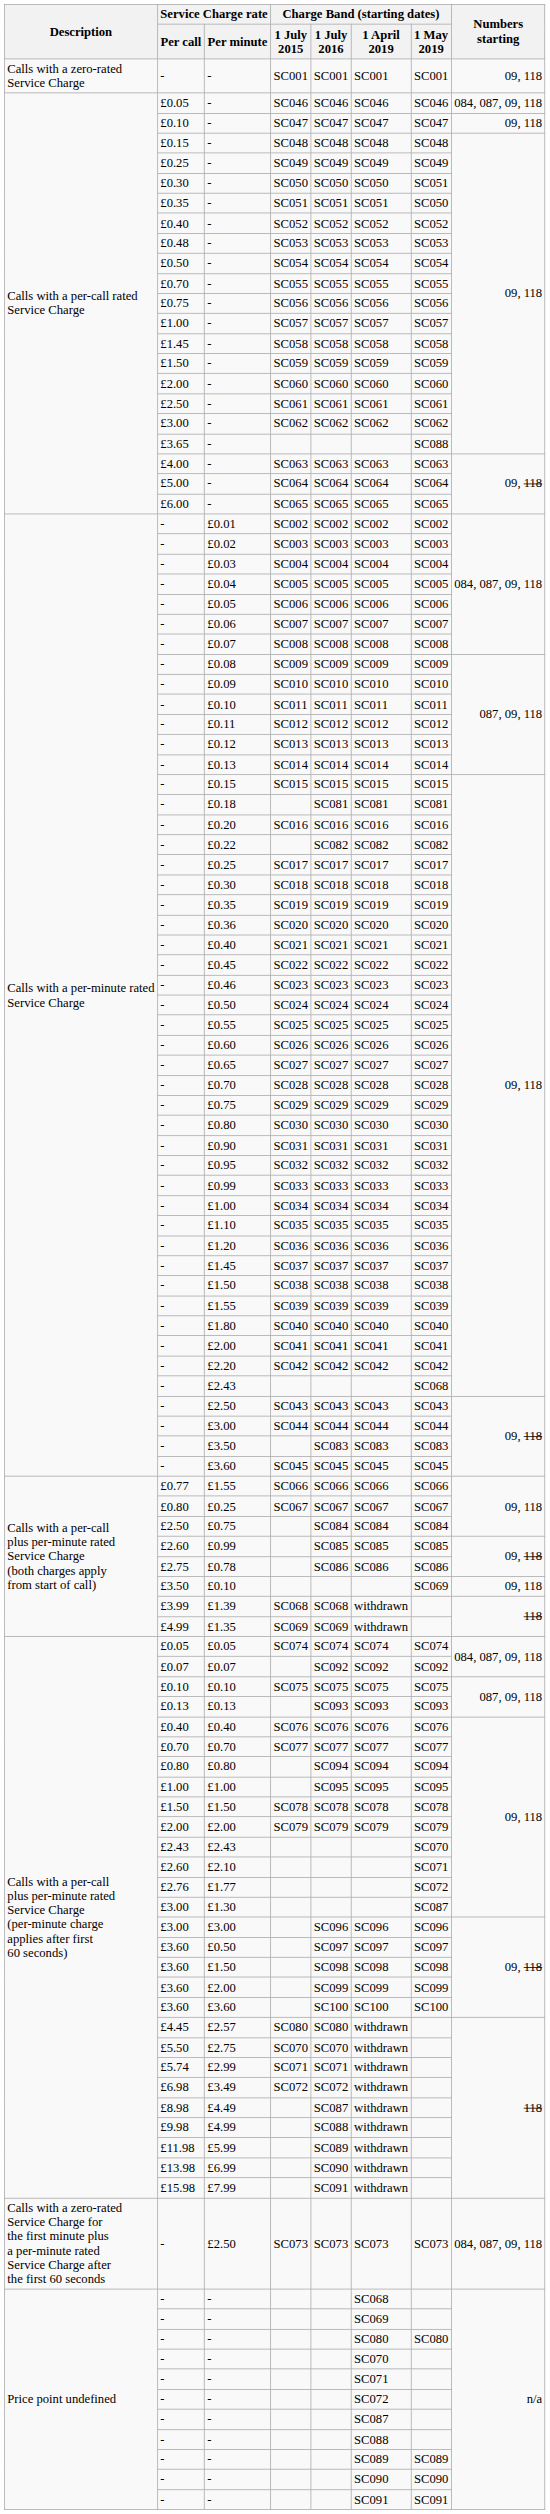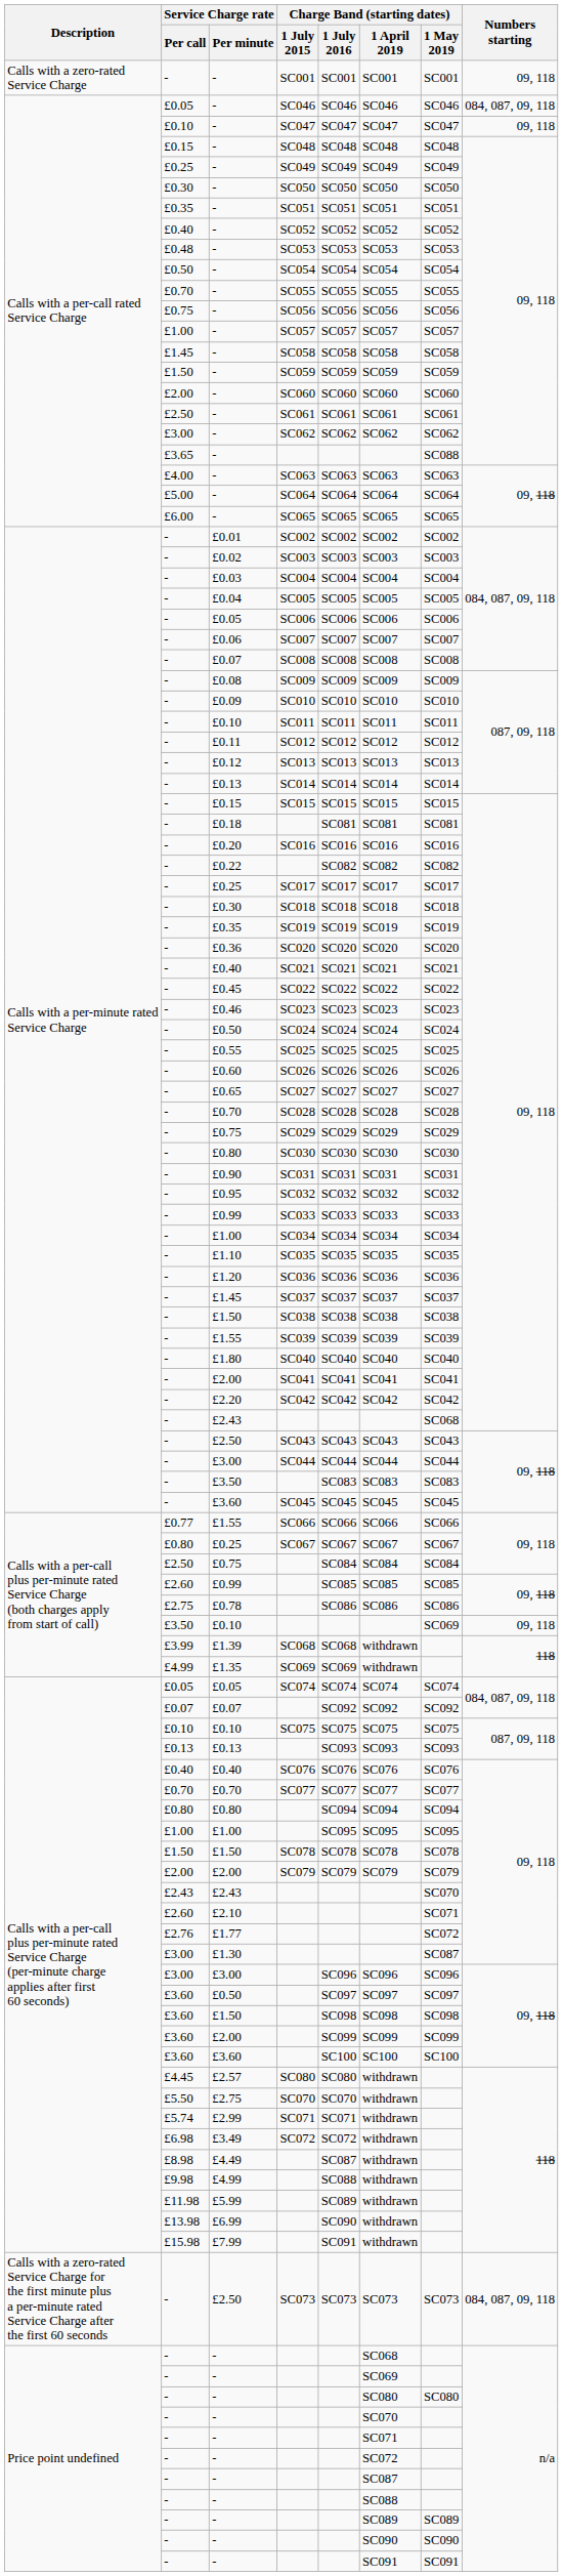 <table class="wikitable sortable">
 <tr>
 <th rowspan=2>Description</th>
 <th colspan=2>Service Charge rate</th>
 <th colspan=4>Charge Band (starting dates)</th>
 <th rowspan=2>Numbers<br>starting</th>
 </tr>
 <tr>
 <th>Per call</th>
 <th>Per minute</th>
 <th>1 July<br>2015</th>
 <th>1 July<br>2016</th>
 <th>1 April<br>2019</th>
 <th>1 May<br>2019</th>
 </tr>
 <tr>
 <td rowspan="1">Calls with a zero-rated<br>Service Charge</td>
 <td>-</td>
 <td>-</td>
 <td>SC001</td>
 <td>SC001</td>
 <td>SC001</td>
 <td>SC001</td>
 <td rowspan="1" align="right">09, 118</td>
 </tr>
 <tr>
 <td rowspan="21">Calls with a per-call rated<br>Service Charge</td>
 <td>£0.05</td>
 <td>-</td>
 <td>SC046</td>
 <td>SC046</td>
 <td>SC046</td>
 <td>SC046</td>
 <td rowspan="1" align="right">084, 087, 09, 118</td>
 </tr>
 <tr>
 <td>£0.10</td>
 <td>-</td>
 <td>SC047</td>
 <td>SC047</td>
 <td>SC047</td>
 <td>SC047</td>
 <td rowspan="1" align="right">09, 118</td>
 </tr>
 <tr>
 <td>£0.15</td>
 <td>-</td>
 <td>SC048</td>
 <td>SC048</td>
 <td>SC048</td>
 <td>SC048</td>
 <td rowspan="16" align="right">09, 118</td>
 </tr>
 <tr>
 <td>£0.25</td>
 <td>-</td>
 <td>SC049</td>
 <td>SC049</td>
 <td>SC049</td>
 <td>SC049</td>
 </tr>
 <tr>
 <td>£0.30</td>
 <td>-</td>
 <td>SC050</td>
 <td>SC050</td>
 <td>SC050</td>
-<td>SC051</td>
+<td>SC050</td>
 </tr>
 <tr>
 <td>£0.35</td>
 <td>-</td>
 <td>SC051</td>
 <td>SC051</td>
 <td>SC051</td>
-<td>SC050</td>
+<td>SC051</td>
 </tr>
 <tr>
 <td>£0.40</td>
 <td>-</td>
 <td>SC052</td>
 <td>SC052</td>
 <td>SC052</td>
 <td>SC052</td>
 </tr>
 <tr>
 <td>£0.48</td>
 <td>-</td>
 <td>SC053</td>
 <td>SC053</td>
 <td>SC053</td>
 <td>SC053</td>
 </tr>
 <tr>
 <td>£0.50</td>
 <td>-</td>
 <td>SC054</td>
 <td>SC054</td>
 <td>SC054</td>
 <td>SC054</td>
 </tr>
 <tr>
 <td>£0.70</td>
 <td>-</td>
 <td>SC055</td>
 <td>SC055</td>
 <td>SC055</td>
 <td>SC055</td>
 </tr>
 <tr>
 <td>£0.75</td>
 <td>-</td>
 <td>SC056</td>
 <td>SC056</td>
 <td>SC056</td>
 <td>SC056</td>
 </tr>
 <tr>
 <td>£1.00</td>
 <td>-</td>
 <td>SC057</td>
 <td>SC057</td>
 <td>SC057</td>
 <td>SC057</td>
 </tr>
 <tr>
 <td>£1.45</td>
 <td>-</td>
 <td>SC058</td>
 <td>SC058</td>
 <td>SC058</td>
 <td>SC058</td>
 </tr>
 <tr>
 <td>£1.50</td>
 <td>-</td>
 <td>SC059</td>
 <td>SC059</td>
 <td>SC059</td>
 <td>SC059</td>
 </tr>
 <tr>
 <td>£2.00</td>
 <td>-</td>
 <td>SC060</td>
 <td>SC060</td>
 <td>SC060</td>
 <td>SC060</td>
 </tr>
 <tr>
 <td>£2.50</td>
 <td>-</td>
 <td>SC061</td>
 <td>SC061</td>
 <td>SC061</td>
 <td>SC061</td>
 </tr>
 <tr>
 <td>£3.00</td>
 <td>-</td>
 <td>SC062</td>
 <td>SC062</td>
 <td>SC062</td>
 <td>SC062</td>
 </tr>
 <tr>
 <td>£3.65</td>
 <td>-</td>
 <td></td>
 <td></td>
 <td></td>
 <td>SC088 </td>
 </tr>
 <tr>
 <td>£4.00</td>
 <td>-</td>
 <td>SC063</td>
 <td>SC063</td>
 <td>SC063 </td>
 <td>SC063</td>
 <td rowspan="3" align="right">09, <s>118</s></td>
 </tr>
 <tr>
 <td>£5.00</td>
 <td>-</td>
 <td>SC064</td>
 <td>SC064</td>
 <td>SC064 </td>
 <td>SC064</td>
 </tr>
 <tr>
 <td>£6.00</td>
 <td>-</td>
 <td>SC065</td>
 <td>SC065</td>
 <td>SC065 </td>
 <td>SC065</td>
 </tr>
 <tr>
 <td rowspan="48">Calls with a per-minute rated<br>Service Charge</td>
 <td>-</td>
 <td>£0.01</td>
 <td>SC002</td>
 <td>SC002</td>
 <td>SC002</td>
 <td>SC002</td>
 <td rowspan="7" align="right">084, 087, 09, 118</td>
 </tr>
 <tr>
 <td>-</td>
 <td>£0.02</td>
 <td>SC003</td>
 <td>SC003</td>
 <td>SC003</td>
 <td>SC003</td>
 </tr>
 <tr>
 <td>-</td>
 <td>£0.03</td>
 <td>SC004</td>
 <td>SC004</td>
 <td>SC004</td>
 <td>SC004</td>
 </tr>
 <tr>
 <td>-</td>
 <td>£0.04</td>
 <td>SC005</td>
 <td>SC005</td>
 <td>SC005</td>
 <td>SC005</td>
 </tr>
 <tr>
 <td>-</td>
 <td>£0.05</td>
 <td>SC006</td>
 <td>SC006</td>
 <td>SC006</td>
 <td>SC006</td>
 </tr>
 <tr>
 <td>-</td>
 <td>£0.06</td>
 <td>SC007</td>
 <td>SC007</td>
 <td>SC007</td>
 <td>SC007</td>
 </tr>
 <tr>
 <td>-</td>
 <td>£0.07</td>
 <td>SC008</td>
 <td>SC008</td>
 <td>SC008</td>
 <td>SC008</td>
 </tr>
 <tr>
 <td>-</td>
 <td>£0.08</td>
 <td>SC009</td>
 <td>SC009</td>
 <td>SC009</td>
 <td>SC009</td>
 <td rowspan="6" align="right">087, 09, 118</td>
 </tr>
 <tr>
 <td>-</td>
 <td>£0.09</td>
 <td>SC010</td>
 <td>SC010</td>
 <td>SC010</td>
 <td>SC010</td>
 </tr>
 <tr>
 <td>-</td>
 <td>£0.10</td>
 <td>SC011</td>
 <td>SC011</td>
 <td>SC011</td>
 <td>SC011</td>
 </tr>
 <tr>
 <td>-</td>
 <td>£0.11</td>
 <td>SC012</td>
 <td>SC012</td>
 <td>SC012</td>
 <td>SC012</td>
 </tr>
 <tr>
 <td>-</td>
 <td>£0.12</td>
 <td>SC013</td>
 <td>SC013</td>
 <td>SC013</td>
 <td>SC013</td>
 </tr>
 <tr>
 <td>-</td>
 <td>£0.13</td>
 <td>SC014</td>
 <td>SC014</td>
 <td>SC014</td>
 <td>SC014</td>
 </tr>
 <tr>
 <td>-</td>
 <td>£0.15</td>
 <td>SC015</td>
 <td>SC015</td>
 <td>SC015</td>
 <td>SC015</td>
 <td rowspan="31" align="right">09, 118</td>
 </tr>
 <tr>
 <td>-</td>
 <td>£0.18</td>
 <td></td>
 <td>SC081  </td>
 <td>SC081</td>
 <td>SC081</td>
 </tr>
 <tr>
 <td>-</td>
 <td>£0.20</td>
 <td>SC016</td>
 <td>SC016</td>
 <td>SC016</td>
 <td>SC016</td>
 </tr>
 <tr>
 <td>-</td>
 <td>£0.22</td>
 <td></td>
 <td>SC082  </td>
 <td>SC082</td>
 <td>SC082</td>
 </tr>
 <tr>
 <td>-</td>
 <td>£0.25</td>
 <td>SC017</td>
 <td>SC017</td>
 <td>SC017</td>
 <td>SC017</td>
 </tr>
 <tr>
 <td>-</td>
 <td>£0.30</td>
 <td>SC018</td>
 <td>SC018</td>
 <td>SC018</td>
 <td>SC018</td>
 </tr>
 <tr>
 <td>-</td>
 <td>£0.35</td>
 <td>SC019</td>
 <td>SC019</td>
 <td>SC019</td>
 <td>SC019</td>
 </tr>
 <tr>
 <td>-</td>
 <td>£0.36</td>
 <td>SC020</td>
 <td>SC020</td>
 <td>SC020</td>
 <td>SC020</td>
 </tr>
 <tr>
 <td>-</td>
 <td>£0.40</td>
 <td>SC021</td>
 <td>SC021</td>
 <td>SC021</td>
 <td>SC021</td>
 </tr>
 <tr>
 <td>-</td>
 <td>£0.45</td>
 <td>SC022</td>
 <td>SC022</td>
 <td>SC022</td>
 <td>SC022</td>
 </tr>
 <tr>
 <td>-</td>
 <td>£0.46</td>
 <td>SC023</td>
 <td>SC023</td>
 <td>SC023</td>
 <td>SC023</td>
 </tr>
 <tr>
 <td>-</td>
 <td>£0.50</td>
 <td>SC024</td>
 <td>SC024</td>
 <td>SC024</td>
 <td>SC024</td>
 </tr>
 <tr>
 <td>-</td>
 <td>£0.55</td>
 <td>SC025</td>
 <td>SC025</td>
 <td>SC025</td>
 <td>SC025</td>
 </tr>
 <tr>
 <td>-</td>
 <td>£0.60</td>
 <td>SC026</td>
 <td>SC026</td>
 <td>SC026</td>
 <td>SC026</td>
 </tr>
 <tr>
 <td>-</td>
 <td>£0.65</td>
 <td>SC027</td>
 <td>SC027</td>
 <td>SC027</td>
 <td>SC027</td>
 </tr>
 <tr>
 <td>-</td>
 <td>£0.70</td>
 <td>SC028</td>
 <td>SC028</td>
 <td>SC028</td>
 <td>SC028</td>
 </tr>
 <tr>
 <td>-</td>
 <td>£0.75</td>
 <td>SC029</td>
 <td>SC029</td>
 <td>SC029</td>
 <td>SC029</td>
 </tr>
 <tr>
 <td>-</td>
 <td>£0.80</td>
 <td>SC030</td>
 <td>SC030</td>
 <td>SC030</td>
 <td>SC030</td>
 </tr>
 <tr>
 <td>-</td>
 <td>£0.90</td>
 <td>SC031</td>
 <td>SC031</td>
 <td>SC031</td>
 <td>SC031</td>
 </tr>
 <tr>
 <td>-</td>
 <td>£0.95</td>
 <td>SC032</td>
 <td>SC032</td>
 <td>SC032</td>
 <td>SC032</td>
 </tr>
 <tr>
 <td>-</td>
 <td>£0.99</td>
 <td>SC033</td>
 <td>SC033</td>
 <td>SC033</td>
 <td>SC033</td>
 </tr>
 <tr>
 <td>-</td>
 <td>£1.00</td>
 <td>SC034</td>
 <td>SC034</td>
 <td>SC034</td>
 <td>SC034</td>
 </tr>
 <tr>
 <td>-</td>
 <td>£1.10</td>
 <td>SC035</td>
 <td>SC035</td>
 <td>SC035</td>
 <td>SC035</td>
 </tr>
 <tr>
 <td>-</td>
 <td>£1.20</td>
 <td>SC036</td>
 <td>SC036</td>
 <td>SC036</td>
 <td>SC036</td>
 </tr>
 <tr>
 <td>-</td>
 <td>£1.45</td>
 <td>SC037</td>
 <td>SC037</td>
 <td>SC037</td>
 <td>SC037</td>
 </tr>
 <tr>
 <td>-</td>
 <td>£1.50</td>
 <td>SC038</td>
 <td>SC038</td>
 <td>SC038</td>
 <td>SC038</td>
 </tr>
 <tr>
 <td>-</td>
 <td>£1.55</td>
 <td>SC039</td>
 <td>SC039</td>
 <td>SC039</td>
 <td>SC039</td>
 </tr>
 <tr>
 <td>-</td>
 <td>£1.80</td>
 <td>SC040</td>
 <td>SC040</td>
 <td>SC040</td>
 <td>SC040</td>
 </tr>
 <tr>
 <td>-</td>
 <td>£2.00</td>
 <td>SC041</td>
 <td>SC041</td>
 <td>SC041</td>
 <td>SC041</td>
 </tr>
 <tr>
 <td>-</td>
 <td>£2.20</td>
 <td>SC042</td>
 <td>SC042</td>
 <td>SC042</td>
 <td>SC042</td>
 </tr>
 <tr>
 <td>-</td>
 <td>£2.43</td>
 <td></td>
 <td></td>
 <td></td>
 <td>SC068 </td>
 </tr>
 <tr>
 <td>-</td>
 <td>£2.50</td>
 <td>SC043</td>
 <td>SC043</td>
 <td>SC043 </td>
 <td>SC043</td>
 <td rowspan="4" align="right">09, <s>118</s></td>
 </tr>
 <tr>
 <td>-</td>
 <td>£3.00</td>
 <td>SC044</td>
 <td>SC044</td>
 <td>SC044 </td>
 <td>SC044</td>
 </tr>
 <tr>
 <td>-</td>
 <td>£3.50</td>
 <td></td>
 <td>SC083   </td>
 <td>SC083 </td>
 <td>SC083</td>
 </tr>
 <tr>
 <td>-</td>
 <td>£3.60</td>
 <td>SC045</td>
 <td>SC045</td>
 <td>SC045 </td>
 <td>SC045</td>
 </tr>
 <tr>
 <td rowspan="8">Calls with a per-call<br>plus per-minute rated<br>Service Charge<br>(both charges apply<br>from start of call)</td>
 <td>£0.77</td>
 <td>£1.55</td>
 <td>SC066</td>
 <td>SC066</td>
 <td>SC066</td>
 <td>SC066</td>
 <td rowspan="3" align="right">09, 118</td>
 </tr>
 <tr>
 <td>£0.80</td>
 <td>£0.25</td>
 <td>SC067</td>
 <td>SC067</td>
 <td>SC067</td>
 <td>SC067</td>
 </tr>
 <tr>
 <td>£2.50</td>
 <td>£0.75</td>
 <td></td>
 <td>SC084</td>
 <td>SC084</td>
 <td>SC084</td>
 </tr>
 <tr>
 <td>£2.60</td>
 <td>£0.99</td>
 <td></td>
 <td>SC085</td>
 <td>SC085 </td>
 <td>SC085</td>
 <td rowspan="2" align="right">09, <s>118</s></td>
 </tr>
 <tr>
 <td>£2.75</td>
 <td>£0.78</td>
 <td></td>
 <td>SC086 </td>
 <td>SC086 </td>
 <td>SC086</td>
 </tr>
 <tr>
 <td>£3.50</td>
 <td>£0.10</td>
 <td></td>
 <td></td>
 <td></td>
 <td>SC069 </td>
 <td rowspan="1" align="right">09, 118</td>
 </tr>
 <tr>
 <td>£3.99</td>
 <td>£1.39</td>
 <td>SC068</td>
 <td>SC068</td>
 <td>withdrawn</td>
 <td></td>
 <td rowspan="2" align="right"><s>118</s></td>
 </tr>
 <tr>
 <td>£4.99</td>
 <td>£1.35</td>
 <td>SC069</td>
 <td>SC069</td>
 <td>withdrawn</td>
 <td></td>
 </tr>
 <tr>
 <td rowspan="28">Calls with a per-call<br>plus per-minute rated<br>Service Charge<br>(per-minute charge<br>applies after first<br>60 seconds)</td>
 <td>£0.05</td>
 <td>£0.05</td>
 <td>SC074</td>
 <td>SC074</td>
 <td>SC074</td>
 <td>SC074</td>
 <td rowspan="2" align="right">084, 087, 09, 118</td>
 </tr>
 <tr>
 <td>£0.07</td>
 <td>£0.07</td>
 <td></td>
 <td>SC092</td>
 <td>SC092</td>
 <td>SC092</td>
 </tr>
 <tr>
 <td>£0.10</td>
 <td>£0.10</td>
 <td>SC075</td>
 <td>SC075</td>
 <td>SC075</td>
 <td>SC075</td>
 <td rowspan="2" align="right">087, 09, 118</td>
 </tr>
 <tr>
 <td>£0.13</td>
 <td>£0.13</td>
 <td></td>
 <td>SC093 </td>
 <td>SC093</td>
 <td>SC093</td>
 </tr>
 <tr>
 <td>£0.40</td>
 <td>£0.40</td>
 <td>SC076</td>
 <td>SC076</td>
 <td>SC076</td>
 <td>SC076</td>
 <td rowspan="10" align="right">09, 118</td>
 </tr>
 <tr>
 <td>£0.70</td>
 <td>£0.70</td>
 <td>SC077</td>
 <td>SC077</td>
 <td>SC077</td>
 <td>SC077</td>
 </tr>
 <tr>
 <td>£0.80</td>
 <td>£0.80</td>
 <td></td>
 <td>SC094</td>
 <td>SC094</td>
 <td>SC094</td>
 </tr>
 <tr>
 <td>£1.00</td>
 <td>£1.00</td>
 <td></td>
 <td>SC095</td>
 <td>SC095</td>
 <td>SC095</td>
 </tr>
 <tr>
 <td>£1.50</td>
 <td>£1.50</td>
 <td>SC078</td>
 <td>SC078</td>
 <td>SC078</td>
 <td>SC078</td>
 </tr>
 <tr>
 <td>£2.00</td>
 <td>£2.00</td>
 <td>SC079</td>
 <td>SC079</td>
 <td>SC079</td>
 <td>SC079</td>
 </tr>
 <tr>
 <td>£2.43</td>
 <td>£2.43</td>
 <td></td>
 <td></td>
 <td></td>
 <td>SC070 </td>
 </tr>
 <tr>
 <td>£2.60</td>
 <td>£2.10</td>
 <td></td>
 <td></td>
 <td></td>
 <td>SC071 </td>
 </tr>
 <tr>
 <td>£2.76</td>
 <td>£1.77</td>
 <td></td>
 <td></td>
 <td></td>
 <td>SC072 </td>
 </tr>
 <tr>
 <td>£3.00</td>
 <td>£1.30</td>
 <td></td>
 <td></td>
 <td></td>
 <td>SC087 </td>
 </tr>
 <tr>
 <td>£3.00</td>
 <td>£3.00</td>
 <td></td>
 <td>SC096</td>
 <td>SC096 </td>
 <td>SC096</td>
 <td rowspan="5" align="right">09, <s>118</s></td>
 </tr>
 <tr>
 <td>£3.60</td>
 <td>£0.50</td>
 <td></td>
 <td>SC097</td>
 <td>SC097 </td>
 <td>SC097</td>
 </tr>
 <tr>
 <td>£3.60</td>
 <td>£1.50</td>
 <td></td>
 <td>SC098</td>
 <td>SC098 </td>
 <td>SC098</td>
 </tr>
 <tr>
 <td>£3.60</td>
 <td>£2.00</td>
 <td></td>
 <td>SC099</td>
 <td>SC099 </td>
 <td>SC099</td>
 </tr>
 <tr>
 <td>£3.60</td>
 <td>£3.60</td>
 <td></td>
 <td>SC100</td>
 <td>SC100 </td>
 <td>SC100</td>
 </tr>
 <tr>
 <td>£4.45</td>
 <td>£2.57</td>
 <td>SC080</td>
 <td>SC080</td>
 <td>withdrawn</td>
 <td></td>
 <td rowspan="9" align="right"><s>118</s></td>
 </tr>
 <tr>
 <td>£5.50</td>
 <td>£2.75</td>
 <td>SC070 </td>
 <td>SC070 </td>
 <td>withdrawn</td>
 <td></td>
 </tr>
 <tr>
 <td>£5.74</td>
 <td>£2.99</td>
 <td>SC071 </td>
 <td>SC071 </td>
 <td>withdrawn</td>
 <td></td>
 </tr>
 <tr>
 <td>£6.98</td>
 <td>£3.49</td>
 <td>SC072 </td>
 <td>SC072 </td>
 <td>withdrawn</td>
 <td></td>
 </tr>
 <tr>
 <td>£8.98</td>
 <td>£4.49</td>
 <td></td>
 <td>SC087</td>
 <td>withdrawn</td>
 <td></td>
 </tr>
 <tr>
 <td>£9.98</td>
 <td>£4.99</td>
 <td></td>
 <td>SC088</td>
 <td>withdrawn</td>
 <td></td>
 </tr>
 <tr>
 <td>£11.98</td>
 <td>£5.99</td>
 <td></td>
 <td>SC089</td>
 <td>withdrawn</td>
 <td></td>
 </tr>
 <tr>
 <td>£13.98</td>
 <td>£6.99</td>
 <td></td>
 <td>SC090</td>
 <td>withdrawn</td>
 <td></td>
 </tr>
 <tr>
 <td>£15.98</td>
 <td>£7.99</td>
 <td></td>
 <td>SC091</td>
 <td>withdrawn</td>
 <td></td>
 </tr>
 <tr>
 <td rowspan="1">Calls with a zero-rated<br>Service Charge for<br>the first minute plus<br>a per-minute rated<br>Service Charge after<br>the first 60 seconds</td>
 <td>-</td>
 <td>£2.50</td>
 <td>SC073</td>
 <td>SC073</td>
 <td>SC073 </td>
 <td>SC073</td>
 <td rowspan="1" align="right">084, 087, 09, 118</td>
 </tr>
 <tr>
 <td rowspan="11">Price point undefined</td>
 <td>-</td>
 <td>-</td>
 <td></td>
 <td></td>
 <td>SC068</td>
 <td></td>
 <td rowspan="11" align="right">n/a</td>
 </tr>
 <tr>
 <td>-</td>
 <td>-</td>
 <td></td>
 <td></td>
 <td>SC069</td>
 <td></td>
 </tr>
 <tr>
 <td>-</td>
 <td>-</td>
 <td></td>
 <td></td>
 <td>SC080</td>
 <td>SC080</td>
 </tr>
 <tr>
 <td>-</td>
 <td>-</td>
 <td></td>
 <td></td>
 <td>SC070</td>
 <td></td>
 </tr>
 <tr>
 <td>-</td>
 <td>-</td>
 <td></td>
 <td></td>
 <td>SC071</td>
 <td></td>
 </tr>
 <tr>
 <td>-</td>
 <td>-</td>
 <td></td>
 <td></td>
 <td>SC072</td>
 <td></td>
 </tr>
 <tr>
 <td>-</td>
 <td>-</td>
 <td></td>
 <td></td>
 <td>SC087</td>
 <td></td>
 </tr>
 <tr>
 <td>-</td>
 <td>-</td>
 <td></td>
 <td></td>
 <td>SC088</td>
 <td></td>
 </tr>
 <tr>
 <td>-</td>
 <td>-</td>
 <td></td>
 <td></td>
 <td>SC089</td>
 <td>SC089</td>
 </tr>
 <tr>
 <td>-</td>
 <td>-</td>
 <td></td>
 <td></td>
 <td>SC090</td>
 <td>SC090</td>
 </tr>
 <tr>
 <td>-</td>
 <td>-</td>
 <td></td>
 <td></td>
 <td>SC091</td>
 <td>SC091</td>
 </tr>
 </table>
